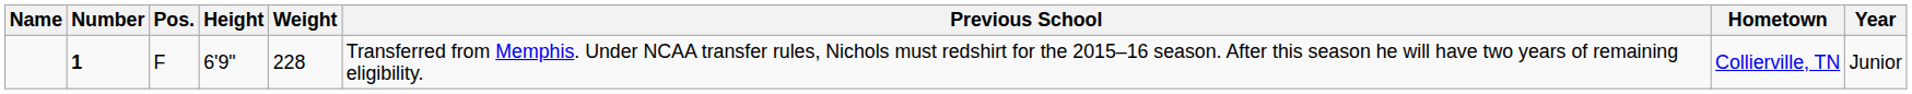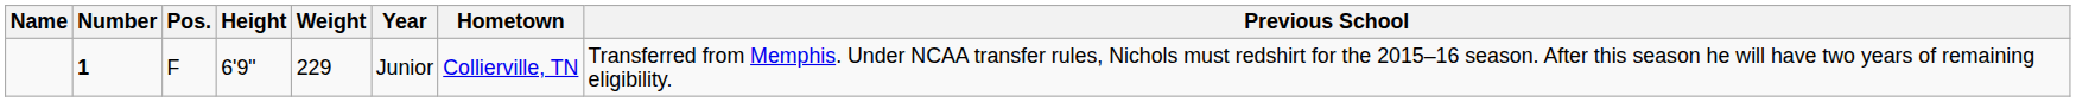 <table class="wikitable sortable" border="1">
 <tr>
 <th>Name</th>
 <th>Number</th>
 <th>Pos.</th>
 <th>Height</th>
 <th>Weight</th>
+<th>Year</th>
+<th>Hometown</th>
 <th class="unsortable">Previous School</th>
-<th>Hometown</th>
-<th>Year</th>
 </tr>
 <tr>
 <td style="white-space: nowrap;"></td>
 <td><strong>1</strong></td>
 <td>F</td>
 <td>6'9"</td>
-<td>228</td>
+<td>229</td>
+<td>Junior</td>
+<td style="white-space: nowrap;"><a href='#'>Collierville, TN</a></td>
 <td>Transferred from <a href='#'>Memphis</a>. Under NCAA transfer rules, Nichols must redshirt for the 2015–16 season. After this season he will have two years of remaining eligibility.</td>
-<td style="white-space: nowrap;"><a href='#'>Collierville, TN</a></td>
-<td>Junior</td>
 </tr>
 </table>
